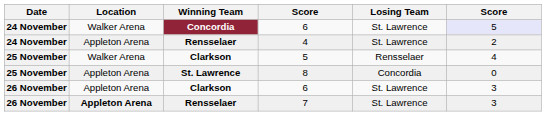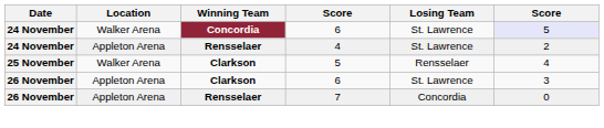 <table class="wikitable" style="text-align:center" cellpadding=2 cellspacing=2>
 <tr>
 <th>Date</th>
 <th scope="col" width="150">Location</th>
 <th scope="col" width="150">Winning Team</th>
 <th scope="col" width="150">Score</th>
 <th scope="col" width="150">Losing Team</th>
 <th scope="col" width="150">Score</th>
 </tr>
 <tr>
 <th>24 November</th>
 <td>Walker Arena</td>
 <td style="color:white; background:#912338; "><strong>Concordia</strong></td>
 <td>6</td>
 <td>St. Lawrence</td>
 <td style="background: lavender;">5</td>
 </tr>
 <tr bgcolor=f0f0f0>
 <th>24 November</th>
 <td>Appleton Arena</td>
 <td><strong>Rensselaer</strong></td>
 <td>4</td>
 <td>St. Lawrence</td>
 <td>2</td>
 </tr>
 <tr>
 <th>25 November</th>
 <td>Walker Arena</td>
 <td><strong>Clarkson</strong></td>
 <td>5</td>
 <td>Rensselaer</td>
 <td>4</td>
 </tr>
-<tr bgcolor=f0f0f0>
-<th>25 November</th>
-<td>Appleton Arena</td>
-<td><strong>St. Lawrence</strong></td>
-<td>8</td>
-<td>Concordia</td>
-<td>0</td>
-</tr>
 <tr>
 <th>26 November</th>
 <td>Appleton Arena</td>
 <td><strong>Clarkson</strong></td>
 <td>6</td>
 <td>St. Lawrence</td>
 <td>3</td>
 </tr>
 <tr bgcolor=f0f0f0>
 <th>26 November</th>
-<td><strong>Appleton Arena</strong></td>
+<td>Appleton Arena</td>
 <td><strong>Rensselaer</strong></td>
 <td>7</td>
-<td>St. Lawrence</td>
-<td>3</td>
+<td>Concordia</td>
+<td>0</td>
 </tr>
 </table>
